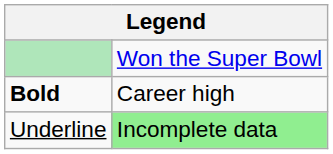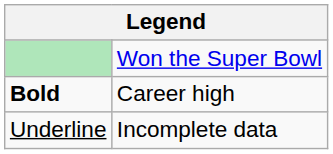 <table class="wikitable mw-collapsible mw-collapsed">
 <tr>
 <th colspan="3">Legend</th>
 </tr>
 <tr>
 <td style="background:#afe6ba; width:3em;"></td>
 <td><a href='#'>Won the Super Bowl</a></td>
 </tr>
 <tr>
 <td><strong>Bold</strong></td>
 <td>Career high</td>
 </tr>
 <tr>
 <td><u>Underline</u></td>
-<td style="background: lightgreen;">Incomplete data</td>
+<td>Incomplete data</td>
 </tr>
 </table>
